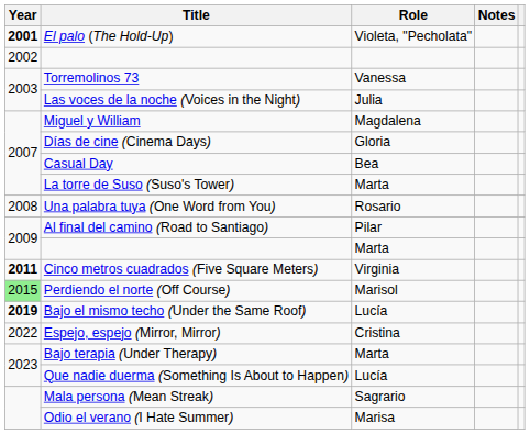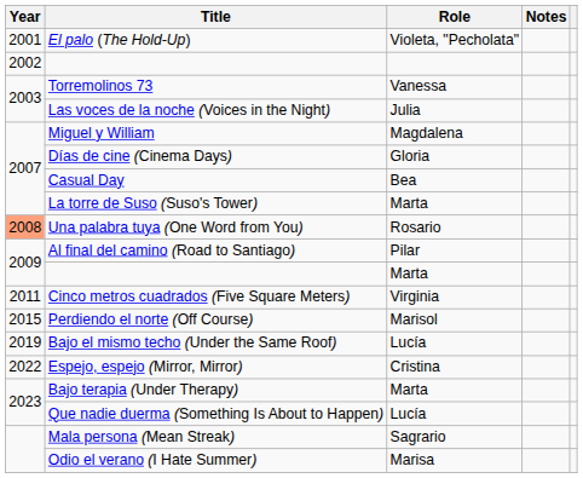 <table class="wikitable">
 <tr>
 <th>Year</th>
 <th>Title</th>
 <th>Role</th>
 <th>Notes</th>
 <th></th>
 </tr>
 <tr>
-<td align = "center"><strong>2001</strong></td>
+<td align = "center">2001</td>
 <td><em><a href='#'>El palo</a></em> (<em>The Hold-Up</em>)</td>
 <td>Violeta, "Pecholata"</td>
 <td></td>
 <td align = "center"></td>
 </tr>
 <tr>
 <td align = "center">2002</td>
 <td><em></td>
 <td></td>
 <td></td>
 <td align = "center"></td>
 </tr>
 <tr>
 <td rowspan = "2" align = "center">2003</td>
 <td></em><a href='#'>Torremolinos 73</a><em></td>
 <td>Vanessa</td>
 <td></td>
 <td align = "center"></td>
 </tr>
 <tr>
 <td></em><a href='#'>Las voces de la noche</a><em> (</em>Voices in the Night<em>)</td>
 <td>Julia</td>
 <td></td>
 <td align = "center"></td>
 </tr>
 <tr>
 <td rowspan = "4" align = "center">2007</td>
 <td></em><a href='#'>Miguel y William</a><em></td>
 <td>Magdalena</td>
 <td></td>
 <td align = "center"></td>
 </tr>
 <tr>
 <td></em><a href='#'>Días de cine</a><em> (</em>Cinema Days<em>)</td>
 <td>Gloria</td>
 <td></td>
 <td align = "center"></td>
 </tr>
 <tr>
 <td></em><a href='#'>Casual Day</a><em></td>
 <td>Bea</td>
 <td></td>
 <td align = "center"></td>
 </tr>
 <tr>
 <td></em><a href='#'>La torre de Suso</a><em> (</em>Suso's Tower<em>)</td>
 <td>Marta</td>
 <td></td>
 <td align = "center"></td>
 </tr>
 <tr>
-<td align = "center">2008</td>
+<td align = "center" style="background: lightsalmon;">2008</td>
 <td></em><a href='#'>Una palabra tuya</a><em> (</em>One Word from You<em>)</td>
 <td>Rosario</td>
 <td></td>
 <td align = "center"></td>
 </tr>
 <tr>
 <td rowspan = "2" align = "center">2009</td>
 <td></em><a href='#'>Al final del camino</a><em> (</em>Road to Santiago<em>)</td>
 <td>Pilar</td>
 <td></td>
 <td align = "center"></td>
 </tr>
 <tr>
 <td></em><em></td>
 <td>Marta</td>
 <td></td>
 <td align = "center"></td>
 </tr>
 <tr>
-<td align = "center"><strong>2011</strong></td>
+<td align = "center">2011</td>
 <td></em><a href='#'>Cinco metros cuadrados</a><em> (</em>Five Square Meters<em>)</td>
 <td>Virginia</td>
 <td></td>
 <td align = "center"></td>
 </tr>
 <tr>
-<td align = "center" style="background: lightgreen;">2015</td>
+<td align = "center">2015</td>
 <td></em><a href='#'>Perdiendo el norte</a><em> (</em>Off Course<em>)</td>
 <td>Marisol</td>
 <td></td>
 <td align = "center"></td>
 </tr>
 <tr>
-<td align = "center"><strong>2019</strong></td>
+<td align = "center">2019</td>
 <td></em><a href='#'>Bajo el mismo techo</a><em> (</em>Under the Same Roof<em>)</td>
 <td>Lucía</td>
 <td></td>
 <td align = "center"></td>
 </tr>
 <tr>
 <td align = "center">2022</td>
 <td></em><a href='#'>Espejo, espejo</a><em> (</em>Mirror, Mirror<em>)</td>
 <td>Cristina</td>
 <td></td>
 <td align = "center"></td>
 </tr>
 <tr>
 <td rowspan = "2" align = "center">2023</td>
 <td></em><a href='#'>Bajo terapia</a><em> (</em>Under Therapy<em>)</td>
 <td>Marta</td>
 <td></td>
 <td align = "center"></td>
 </tr>
 <tr>
 <td></em><a href='#'>Que nadie duerma</a><em> (</em>Something Is About to Happen<em>)</td>
 <td>Lucía</td>
 <td></td>
 <td align = "center"></td>
 </tr>
 <tr>
 <td rowspan = "2"></td>
 <td></em><a href='#'>Mala persona</a><em> (</em>Mean Streak<em>)</td>
 <td>Sagrario</td>
 <td></td>
 <td></td>
 </tr>
 <tr>
 <td></em><a href='#'>Odio el verano</a><em> (</em>I Hate Summer<em>)</td>
 <td>Marisa</td>
 <td></td>
 <td></td>
 </tr>
 </table>
